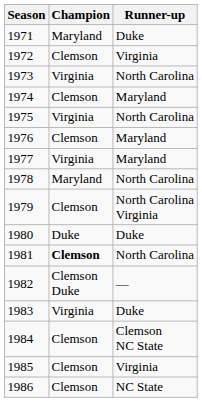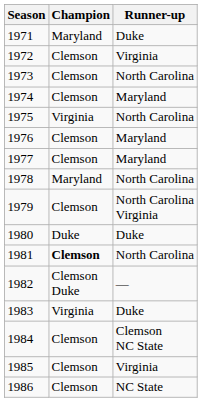 <table class="wikitable sortable">
 <tr>
 <th width=px>Season</th>
 <th width=px>Champion</th>
 <th width=px>Runner-up</th>
 </tr>
 <tr>
 <td>1971</td>
 <td>Maryland</td>
 <td>Duke</td>
 </tr>
 <tr>
 <td>1972</td>
 <td>Clemson</td>
 <td>Virginia</td>
 </tr>
 <tr>
 <td>1973</td>
-<td>Virginia</td>
+<td>Clemson</td>
 <td>North Carolina</td>
 </tr>
 <tr>
 <td>1974</td>
 <td>Clemson</td>
 <td>Maryland</td>
 </tr>
 <tr>
 <td>1975</td>
 <td>Virginia</td>
 <td>North Carolina</td>
 </tr>
 <tr>
 <td>1976</td>
 <td>Clemson</td>
 <td>Maryland</td>
 </tr>
 <tr>
 <td>1977</td>
-<td>Virginia</td>
+<td>Clemson</td>
 <td>Maryland</td>
 </tr>
 <tr>
 <td>1978</td>
 <td>Maryland</td>
 <td>North Carolina</td>
 </tr>
 <tr>
 <td>1979</td>
 <td>Clemson</td>
 <td>North Carolina<br>Virginia</td>
 </tr>
 <tr>
 <td>1980</td>
 <td>Duke</td>
 <td>Duke</td>
 </tr>
 <tr>
 <td>1981</td>
 <td><strong>Clemson</strong></td>
 <td>North Carolina</td>
 </tr>
 <tr>
 <td>1982</td>
 <td>Clemson<br>Duke</td>
 <td>—</td>
 </tr>
 <tr>
 <td>1983</td>
 <td>Virginia</td>
 <td>Duke</td>
 </tr>
 <tr>
 <td>1984</td>
 <td>Clemson</td>
 <td>Clemson<br>NC State</td>
 </tr>
 <tr>
 <td>1985</td>
 <td>Clemson</td>
 <td>Virginia</td>
 </tr>
 <tr>
 <td>1986</td>
 <td>Clemson</td>
 <td>NC State</td>
 </tr>
 </table>
